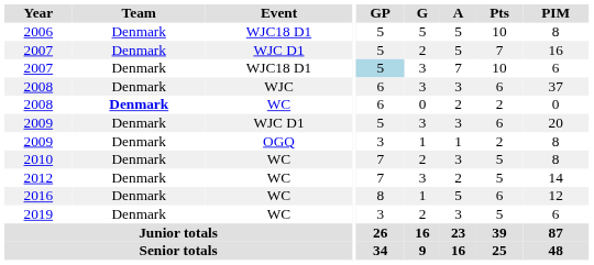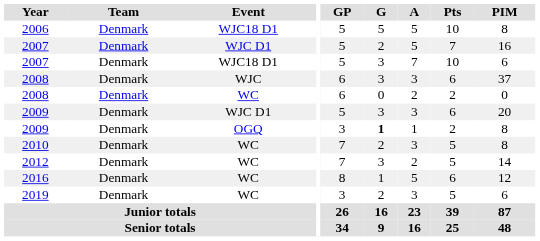 <table border="0" cellpadding="1" cellspacing="0" ID="Table3" style="text-align:center; width:40em;">
 <tr bgcolor="#e0e0e0">
 <th>Year</th>
 <th>Team</th>
 <th>Event</th>
 <th rowspan="99" bgcolor="#ffffff"></th>
 <th>GP</th>
 <th>G</th>
 <th>A</th>
 <th>Pts</th>
 <th>PIM</th>
 </tr>
 <tr>
 <td><a href='#'>2006</a></td>
 <td><a href='#'>Denmark</a></td>
 <td><a href='#'>WJC18 D1</a></td>
 <td>5</td>
 <td>5</td>
 <td>5</td>
 <td>10</td>
 <td>8</td>
 </tr>
 <tr bgcolor="#f0f0f0">
 <td><a href='#'>2007</a></td>
 <td><a href='#'>Denmark</a></td>
 <td><a href='#'>WJC D1</a></td>
 <td>5</td>
 <td>2</td>
 <td>5</td>
 <td>7</td>
 <td>16</td>
 </tr>
 <tr>
 <td><a href='#'>2007</a></td>
 <td>Denmark</td>
 <td>WJC18 D1</td>
-<td style="background: lightblue;">5</td>
+<td>5</td>
 <td>3</td>
 <td>7</td>
 <td>10</td>
 <td>6</td>
 </tr>
 <tr bgcolor="#f0f0f0">
 <td><a href='#'>2008</a></td>
 <td>Denmark</td>
 <td>WJC</td>
 <td>6</td>
 <td>3</td>
 <td>3</td>
 <td>6</td>
 <td>37</td>
 </tr>
 <tr>
 <td><a href='#'>2008</a></td>
-<td><strong><a href='#'>Denmark</a></strong></td>
+<td><a href='#'>Denmark</a></td>
 <td><a href='#'>WC</a></td>
 <td>6</td>
 <td>0</td>
 <td>2</td>
 <td>2</td>
 <td>0</td>
 </tr>
 <tr bgcolor="#f0f0f0">
 <td><a href='#'>2009</a></td>
 <td>Denmark</td>
 <td>WJC D1</td>
 <td>5</td>
 <td>3</td>
 <td>3</td>
 <td>6</td>
 <td>20</td>
 </tr>
 <tr>
 <td><a href='#'>2009</a></td>
 <td>Denmark</td>
 <td><a href='#'>OGQ</a></td>
 <td>3</td>
-<td>1</td>
+<td><strong>1</strong></td>
 <td>1</td>
 <td>2</td>
 <td>8</td>
 </tr>
 <tr bgcolor="#f0f0f0">
 <td><a href='#'>2010</a></td>
 <td>Denmark</td>
 <td>WC</td>
 <td>7</td>
 <td>2</td>
 <td>3</td>
 <td>5</td>
 <td>8</td>
 </tr>
 <tr>
 <td><a href='#'>2012</a></td>
 <td>Denmark</td>
 <td>WC</td>
 <td>7</td>
 <td>3</td>
 <td>2</td>
 <td>5</td>
 <td>14</td>
 </tr>
 <tr bgcolor="#f0f0f0">
 <td><a href='#'>2016</a></td>
 <td>Denmark</td>
 <td>WC</td>
 <td>8</td>
 <td>1</td>
 <td>5</td>
 <td>6</td>
 <td>12</td>
 </tr>
 <tr>
 <td><a href='#'>2019</a></td>
 <td>Denmark</td>
 <td>WC</td>
 <td>3</td>
 <td>2</td>
 <td>3</td>
 <td>5</td>
 <td>6</td>
 </tr>
 <tr bgcolor="#e0e0e0">
 <th colspan="3">Junior totals</th>
 <th>26</th>
 <th>16</th>
 <th>23</th>
 <th>39</th>
 <th>87</th>
 </tr>
 <tr bgcolor="#e0e0e0">
 <th colspan="3">Senior totals</th>
 <th>34</th>
 <th>9</th>
 <th>16</th>
 <th>25</th>
 <th>48</th>
 </tr>
 </table>
